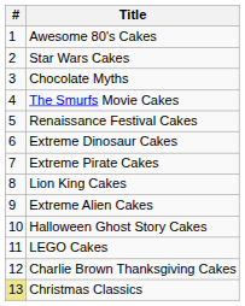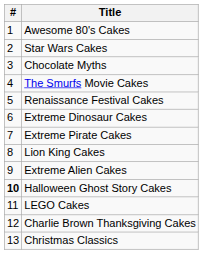 <table class="wikitable">
 <tr>
 <th>#</th>
 <th>Title</th>
 </tr>
 <tr>
 <td>1</td>
 <td>Awesome 80's Cakes</td>
 </tr>
 <tr>
 <td>2</td>
 <td>Star Wars Cakes</td>
 </tr>
 <tr>
 <td>3</td>
 <td>Chocolate Myths</td>
 </tr>
 <tr>
 <td>4</td>
 <td><a href='#'>The Smurfs</a> Movie Cakes</td>
 </tr>
 <tr>
 <td>5</td>
 <td>Renaissance Festival Cakes</td>
 </tr>
 <tr>
 <td>6</td>
 <td>Extreme Dinosaur Cakes</td>
 </tr>
 <tr>
 <td>7</td>
 <td>Extreme Pirate Cakes</td>
 </tr>
 <tr>
 <td>8</td>
 <td>Lion King Cakes</td>
 </tr>
 <tr>
 <td>9</td>
 <td>Extreme Alien Cakes</td>
 </tr>
 <tr>
-<td>10</td>
+<td><strong>10</strong></td>
 <td>Halloween Ghost Story Cakes</td>
 </tr>
 <tr>
 <td>11</td>
 <td>LEGO Cakes</td>
 </tr>
 <tr>
 <td>12</td>
 <td>Charlie Brown Thanksgiving Cakes</td>
 </tr>
 <tr>
-<td style="background: khaki;">13</td>
+<td>13</td>
 <td>Christmas Classics</td>
 </tr>
 </table>
